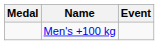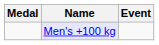 <table class="wikitable sortable" style="font-size:90%">
 <tr>
 <th>Medal</th>
 <th>Name</th>
 <th>Event</th>
 </tr>
 <tr>
 <td></td>
-<td><a href='#'>Men's +100 kg</a></td>
+<td style="background: lavender;"><a href='#'>Men's +100 kg</a></td>
 </tr>
 </table>
